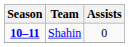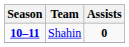 <table class="wikitable" style="text-align: center;">
 <tr>
 <th>Season</th>
 <th>Team</th>
 <th>Assists</th>
 </tr>
 <tr>
 <td><strong><a href='#'>10–11</a></strong></td>
 <td align="left"><a href='#'>Shahin</a></td>
-<td>0</td>
+<td><strong>0</strong></td>
 </tr>
 <tr>
 </tr>
 </table>
